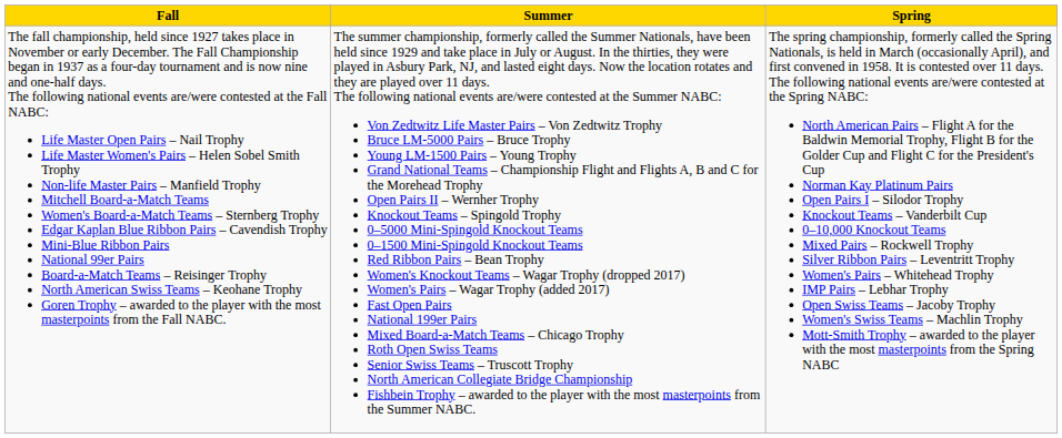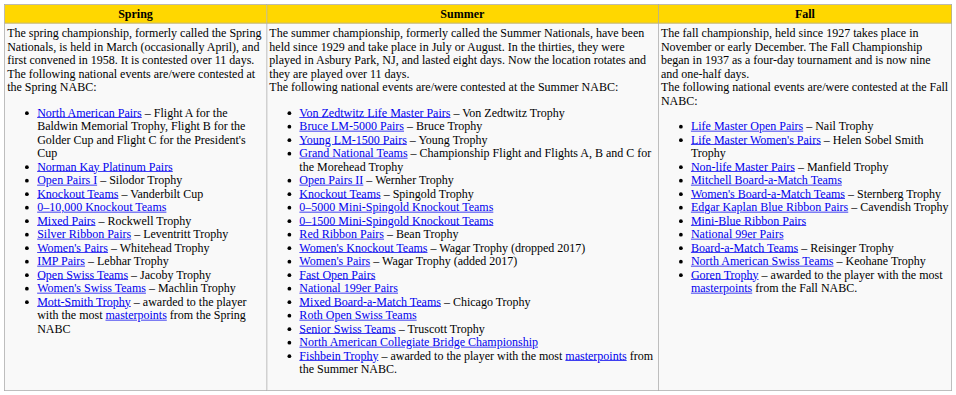 <table class="wikitable" width=100%>
 <tr valign="top">
+<th style="background:gold; color:black">Spring</th>
+<th style="background:gold; color:black">Summer</th>
 <th style="background:gold; color:black">Fall</th>
-<th style="background:gold; color:black">Summer</th>
-<th style="background:gold; color:black">Spring</th>
 </tr>
 <tr valign="top">
+<td>The spring championship, formerly called the Spring Nationals, is held in March (occasionally April), and first convened in 1958. It is contested over 11 days.<br>The following national events are/were contested at the Spring NABC:<ul><li><a href='#'>North American Pairs</a> – Flight A for the  Baldwin Memorial Trophy, Flight B for the Golder Cup and Flight C for the President's Cup</li><li><a href='#'>Norman Kay Platinum Pairs</a></li><li><a href='#'>Open Pairs I</a> – Silodor Trophy</li><li><a href='#'>Knockout Teams</a> – Vanderbilt Cup</li><li><a href='#'>0–10,000 Knockout Teams</a></li><li><a href='#'>Mixed Pairs</a> – Rockwell Trophy</li><li><a href='#'>Silver Ribbon Pairs</a> – Leventritt Trophy</li><li><a href='#'>Women's Pairs</a> – Whitehead Trophy</li><li><a href='#'>IMP Pairs</a> – Lebhar Trophy</li><li><a href='#'>Open Swiss Teams</a> – Jacoby Trophy</li><li><a href='#'>Women's Swiss Teams</a> – Machlin Trophy</li><li><a href='#'>Mott-Smith Trophy</a> – awarded to the player with the most <a href='#'>masterpoints</a> from the Spring NABC</li></ul></td>
+<td>The summer championship, formerly called the Summer Nationals, have been held since 1929 and take place in July or August. In the thirties, they were played in Asbury Park, NJ, and lasted eight days. Now the location rotates and they are played over 11 days.<br>The following national events are/were contested at the Summer NABC:<ul><li><a href='#'>Von Zedtwitz Life Master Pairs</a> – Von Zedtwitz Trophy</li><li><a href='#'>Bruce LM-5000 Pairs</a> – Bruce Trophy</li><li><a href='#'>Young LM-1500 Pairs</a> – Young Trophy</li><li><a href='#'>Grand National Teams</a> – Championship Flight and Flights A, B and C for the Morehead Trophy</li><li><a href='#'>Open Pairs II</a> – Wernher Trophy</li><li><a href='#'>Knockout Teams</a> – Spingold Trophy</li><li><a href='#'>0–5000 Mini-Spingold Knockout Teams</a></li><li><a href='#'>0–1500 Mini-Spingold Knockout Teams</a></li><li><a href='#'>Red Ribbon Pairs</a> – Bean Trophy</li><li><a href='#'>Women's Knockout Teams</a> – Wagar Trophy (dropped 2017)</li><li><a href='#'>Women's Pairs</a> – Wagar Trophy (added 2017)</li><li><a href='#'>Fast Open Pairs</a></li><li><a href='#'>National 199er Pairs</a></li><li><a href='#'>Mixed Board-a-Match Teams</a> – Chicago Trophy</li><li><a href='#'>Roth Open Swiss Teams</a></li><li><a href='#'>Senior Swiss Teams</a> – Truscott Trophy</li><li><a href='#'>North American Collegiate Bridge Championship</a></li><li><a href='#'>Fishbein Trophy</a> – awarded to the player with the most <a href='#'>masterpoints</a> from the Summer NABC.</li></ul></td>
 <td>The fall championship, held since 1927 takes place in November or early December. The Fall Championship began in 1937 as a four-day tournament and is now nine and one-half days.<br>The following national events are/were contested at the Fall NABC:<ul><li><a href='#'>Life Master Open Pairs</a> – Nail Trophy</li><li><a href='#'>Life Master Women's Pairs</a> – Helen Sobel Smith Trophy</li><li><a href='#'>Non-life Master Pairs</a> – Manfield Trophy</li><li><a href='#'>Mitchell Board-a-Match Teams</a></li><li><a href='#'>Women's Board-a-Match Teams</a> – Sternberg Trophy</li><li><a href='#'>Edgar Kaplan Blue Ribbon Pairs</a> – Cavendish Trophy</li><li><a href='#'>Mini-Blue Ribbon Pairs</a></li><li><a href='#'>National 99er Pairs</a></li><li><a href='#'>Board-a-Match Teams</a> – Reisinger Trophy</li><li><a href='#'>North American Swiss Teams</a> – Keohane Trophy</li><li><a href='#'>Goren Trophy</a> – awarded to the player with the most <a href='#'>masterpoints</a> from the Fall NABC.</li></ul></td>
-<td>The summer championship, formerly called the Summer Nationals, have been held since 1929 and take place in July or August. In the thirties, they were played in Asbury Park, NJ, and lasted eight days. Now the location rotates and they are played over 11 days.<br>The following national events are/were contested at the Summer NABC:<ul><li><a href='#'>Von Zedtwitz Life Master Pairs</a> – Von Zedtwitz Trophy</li><li><a href='#'>Bruce LM-5000 Pairs</a> – Bruce Trophy</li><li><a href='#'>Young LM-1500 Pairs</a> – Young Trophy</li><li><a href='#'>Grand National Teams</a> – Championship Flight and Flights A, B and C for the Morehead Trophy</li><li><a href='#'>Open Pairs II</a> – Wernher Trophy</li><li><a href='#'>Knockout Teams</a> – Spingold Trophy</li><li><a href='#'>0–5000 Mini-Spingold Knockout Teams</a></li><li><a href='#'>0–1500 Mini-Spingold Knockout Teams</a></li><li><a href='#'>Red Ribbon Pairs</a> – Bean Trophy</li><li><a href='#'>Women's Knockout Teams</a> – Wagar Trophy (dropped 2017)</li><li><a href='#'>Women's Pairs</a> – Wagar Trophy (added 2017)</li><li><a href='#'>Fast Open Pairs</a></li><li><a href='#'>National 199er Pairs</a></li><li><a href='#'>Mixed Board-a-Match Teams</a> – Chicago Trophy</li><li><a href='#'>Roth Open Swiss Teams</a></li><li><a href='#'>Senior Swiss Teams</a> – Truscott Trophy</li><li><a href='#'>North American Collegiate Bridge Championship</a></li><li><a href='#'>Fishbein Trophy</a> – awarded to the player with the most <a href='#'>masterpoints</a> from the Summer NABC.</li></ul></td>
-<td>The spring championship, formerly called the Spring Nationals, is held in March (occasionally April), and first convened in 1958. It is contested over 11 days.<br>The following national events are/were contested at the Spring NABC:<ul><li><a href='#'>North American Pairs</a> – Flight A for the  Baldwin Memorial Trophy, Flight B for the Golder Cup and Flight C for the President's Cup</li><li><a href='#'>Norman Kay Platinum Pairs</a></li><li><a href='#'>Open Pairs I</a> – Silodor Trophy</li><li><a href='#'>Knockout Teams</a> – Vanderbilt Cup</li><li><a href='#'>0–10,000 Knockout Teams</a></li><li><a href='#'>Mixed Pairs</a> – Rockwell Trophy</li><li><a href='#'>Silver Ribbon Pairs</a> – Leventritt Trophy</li><li><a href='#'>Women's Pairs</a> – Whitehead Trophy</li><li><a href='#'>IMP Pairs</a> – Lebhar Trophy</li><li><a href='#'>Open Swiss Teams</a> – Jacoby Trophy</li><li><a href='#'>Women's Swiss Teams</a> – Machlin Trophy</li><li><a href='#'>Mott-Smith Trophy</a> – awarded to the player with the most <a href='#'>masterpoints</a> from the Spring NABC</li></ul></td>
 </tr>
 </table>
